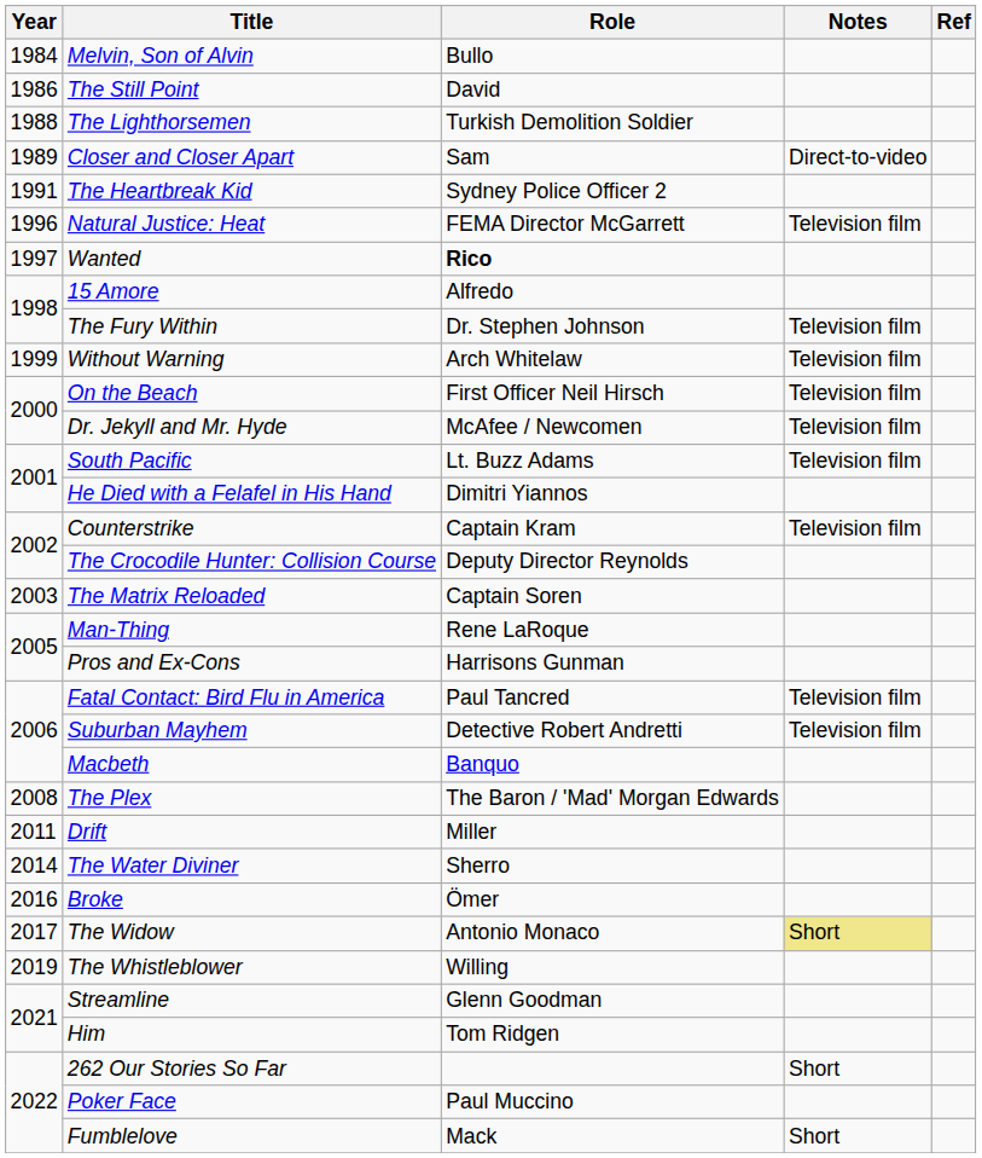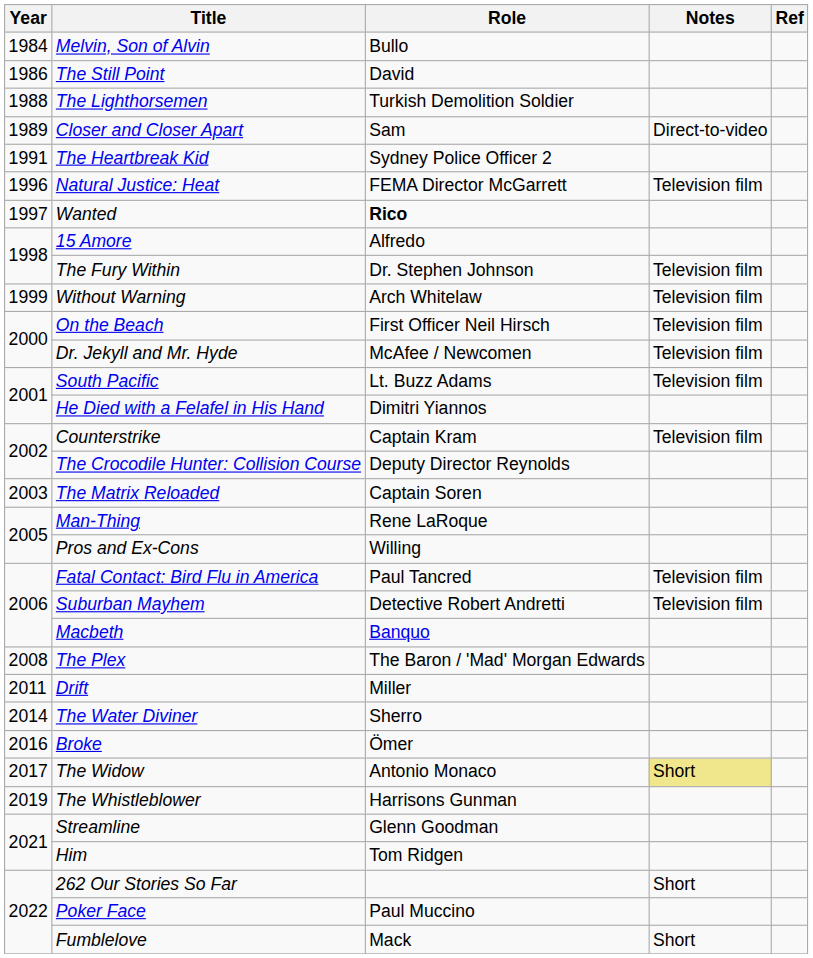 <table class="wikitable sortable">
 <tr>
 <th>Year</th>
 <th>Title</th>
 <th>Role</th>
 <th>Notes</th>
 <th>Ref</th>
 </tr>
 <tr>
 <td>1984</td>
 <td><em><a href='#'>Melvin, Son of Alvin</a></em></td>
 <td>Bullo</td>
 <td></td>
 <td></td>
 </tr>
 <tr>
 <td>1986</td>
 <td><em><a href='#'>The Still Point</a></em></td>
 <td>David</td>
 <td></td>
 <td></td>
 </tr>
 <tr>
 <td>1988</td>
 <td><em><a href='#'>The Lighthorsemen</a></em></td>
 <td>Turkish Demolition Soldier</td>
 <td></td>
 <td></td>
 </tr>
 <tr>
 <td>1989</td>
 <td><em><a href='#'>Closer and Closer Apart</a></em></td>
 <td>Sam</td>
 <td>Direct-to-video</td>
 <td></td>
 </tr>
 <tr>
 <td>1991</td>
 <td><em><a href='#'>The Heartbreak Kid</a></em></td>
 <td>Sydney Police Officer 2</td>
 <td></td>
 <td></td>
 </tr>
 <tr>
 <td>1996</td>
 <td><em><a href='#'>Natural Justice: Heat</a></em></td>
 <td>FEMA Director McGarrett</td>
 <td>Television film</td>
 <td></td>
 </tr>
 <tr>
 <td>1997</td>
 <td><em>Wanted</em></td>
 <td><strong>Rico</strong></td>
 <td></td>
 <td></td>
 </tr>
 <tr>
 <td rowspan="2">1998</td>
 <td><em><a href='#'>15 Amore</a></em></td>
 <td>Alfredo</td>
 <td></td>
 <td></td>
 </tr>
 <tr>
 <td><em>The Fury Within</em></td>
 <td>Dr. Stephen Johnson</td>
 <td>Television film</td>
 <td></td>
 </tr>
 <tr>
 <td>1999</td>
 <td><em>Without Warning</em></td>
 <td>Arch Whitelaw</td>
 <td>Television film</td>
 <td></td>
 </tr>
 <tr>
 <td rowspan="2">2000</td>
 <td><em><a href='#'>On the Beach</a></em></td>
 <td>First Officer Neil Hirsch</td>
 <td>Television film</td>
 <td></td>
 </tr>
 <tr>
 <td><em>Dr. Jekyll and Mr. Hyde</em></td>
 <td>McAfee / Newcomen</td>
 <td>Television film</td>
 <td></td>
 </tr>
 <tr>
 <td rowspan="2">2001</td>
 <td><em><a href='#'>South Pacific</a></em></td>
 <td>Lt. Buzz Adams</td>
 <td>Television film</td>
 <td></td>
 </tr>
 <tr>
 <td><em><a href='#'>He Died with a Felafel in His Hand</a></em></td>
 <td>Dimitri Yiannos</td>
 <td></td>
 <td></td>
 </tr>
 <tr>
 <td rowspan="2">2002</td>
 <td><em>Counterstrike</em></td>
 <td>Captain Kram</td>
 <td>Television film</td>
 <td></td>
 </tr>
 <tr>
 <td><em><a href='#'>The Crocodile Hunter: Collision Course</a></em></td>
 <td>Deputy Director Reynolds</td>
 <td></td>
 <td></td>
 </tr>
 <tr>
 <td>2003</td>
 <td><em><a href='#'>The Matrix Reloaded</a></em></td>
 <td>Captain Soren</td>
 <td></td>
 <td></td>
 </tr>
 <tr>
 <td rowspan="2">2005</td>
 <td><em><a href='#'>Man-Thing</a></em></td>
 <td>Rene LaRoque</td>
 <td></td>
 <td></td>
 </tr>
 <tr>
 <td><em>Pros and Ex-Cons</em></td>
-<td>Harrisons Gunman</td>
+<td>Willing</td>
 <td></td>
 <td></td>
 </tr>
 <tr>
 <td rowspan="3">2006</td>
 <td><em><a href='#'>Fatal Contact: Bird Flu in America</a></em></td>
 <td>Paul Tancred</td>
 <td>Television film</td>
 <td></td>
 </tr>
 <tr>
 <td><em><a href='#'>Suburban Mayhem</a></em></td>
 <td>Detective Robert Andretti</td>
 <td>Television film</td>
 <td></td>
 </tr>
 <tr>
 <td><em><a href='#'>Macbeth</a></em></td>
 <td><a href='#'>Banquo</a></td>
 <td></td>
 <td></td>
 </tr>
 <tr>
 <td>2008</td>
 <td><em><a href='#'>The Plex</a></em></td>
 <td>The Baron / 'Mad' Morgan Edwards</td>
 <td></td>
 <td></td>
 </tr>
 <tr>
 <td>2011</td>
 <td><em><a href='#'>Drift</a></em></td>
 <td>Miller</td>
 <td></td>
 <td></td>
 </tr>
 <tr>
 <td>2014</td>
 <td><em><a href='#'>The Water Diviner</a></em></td>
 <td>Sherro</td>
 <td></td>
 <td></td>
 </tr>
 <tr>
 <td>2016</td>
 <td><em><a href='#'>Broke</a></em></td>
 <td>Ömer</td>
 <td></td>
 <td></td>
 </tr>
 <tr>
 <td>2017</td>
 <td><em>The Widow</em></td>
 <td>Antonio Monaco</td>
 <td style="background: khaki;">Short</td>
 <td></td>
 </tr>
 <tr>
 <td>2019</td>
 <td><em>The Whistleblower</em></td>
-<td>Willing</td>
+<td>Harrisons Gunman</td>
 <td></td>
 <td></td>
 </tr>
 <tr>
 <td rowspan="2">2021</td>
 <td><em>Streamline</em></td>
 <td>Glenn Goodman</td>
 <td></td>
 <td></td>
 </tr>
 <tr>
 <td><em>Him</em></td>
 <td>Tom Ridgen</td>
 <td></td>
 <td></td>
 </tr>
 <tr>
 <td rowspan="3">2022</td>
 <td><em>262 Our Stories So Far</em></td>
 <td></td>
 <td>Short</td>
 <td></td>
 </tr>
 <tr>
 <td><em><a href='#'>Poker Face</a></em></td>
 <td>Paul Muccino</td>
 <td></td>
 <td></td>
 </tr>
 <tr>
 <td><em>Fumblelove</em></td>
 <td>Mack</td>
 <td>Short</td>
 <td></td>
 </tr>
 </table>
